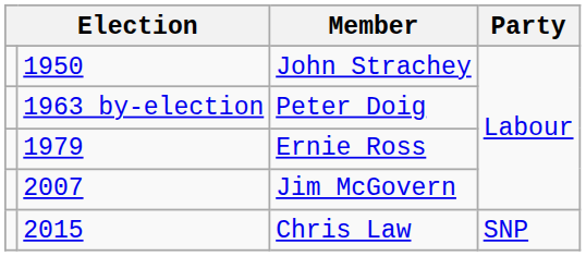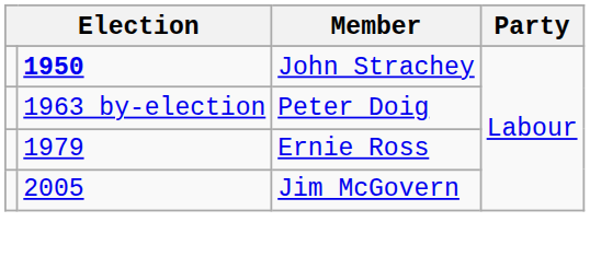 <table class="wikitable">
 <tr>
 <th colspan="2">Election</th>
 <th>Member</th>
 <th>Party</th>
 </tr>
 <tr>
 <td style="color:inherit;background-color: "></td>
-<td><a href='#'>1950</a></td>
+<td><strong><a href='#'>1950</a></strong></td>
 <td><a href='#'>John Strachey</a></td>
 <td rowspan="4"><a href='#'>Labour</a></td>
 </tr>
 <tr>
 <td style="color:inherit;background-color: "></td>
 <td><a href='#'>1963 by-election</a></td>
 <td><a href='#'>Peter Doig</a></td>
 </tr>
 <tr>
 <td style="color:inherit;background-color: "></td>
 <td><a href='#'>1979</a></td>
 <td><a href='#'>Ernie Ross</a></td>
 </tr>
 <tr>
 <td style="color:inherit;background-color: "></td>
-<td><a href='#'>2007</a></td>
+<td><a href='#'>2005</a></td>
 <td><a href='#'>Jim McGovern</a></td>
 </tr>
-<tr>
-<td style="color:inherit;background-color: "></td>
-<td><a href='#'>2015</a></td>
-<td><a href='#'>Chris Law</a></td>
-<td><a href='#'>SNP</a></td>
-</tr>
 </table>
